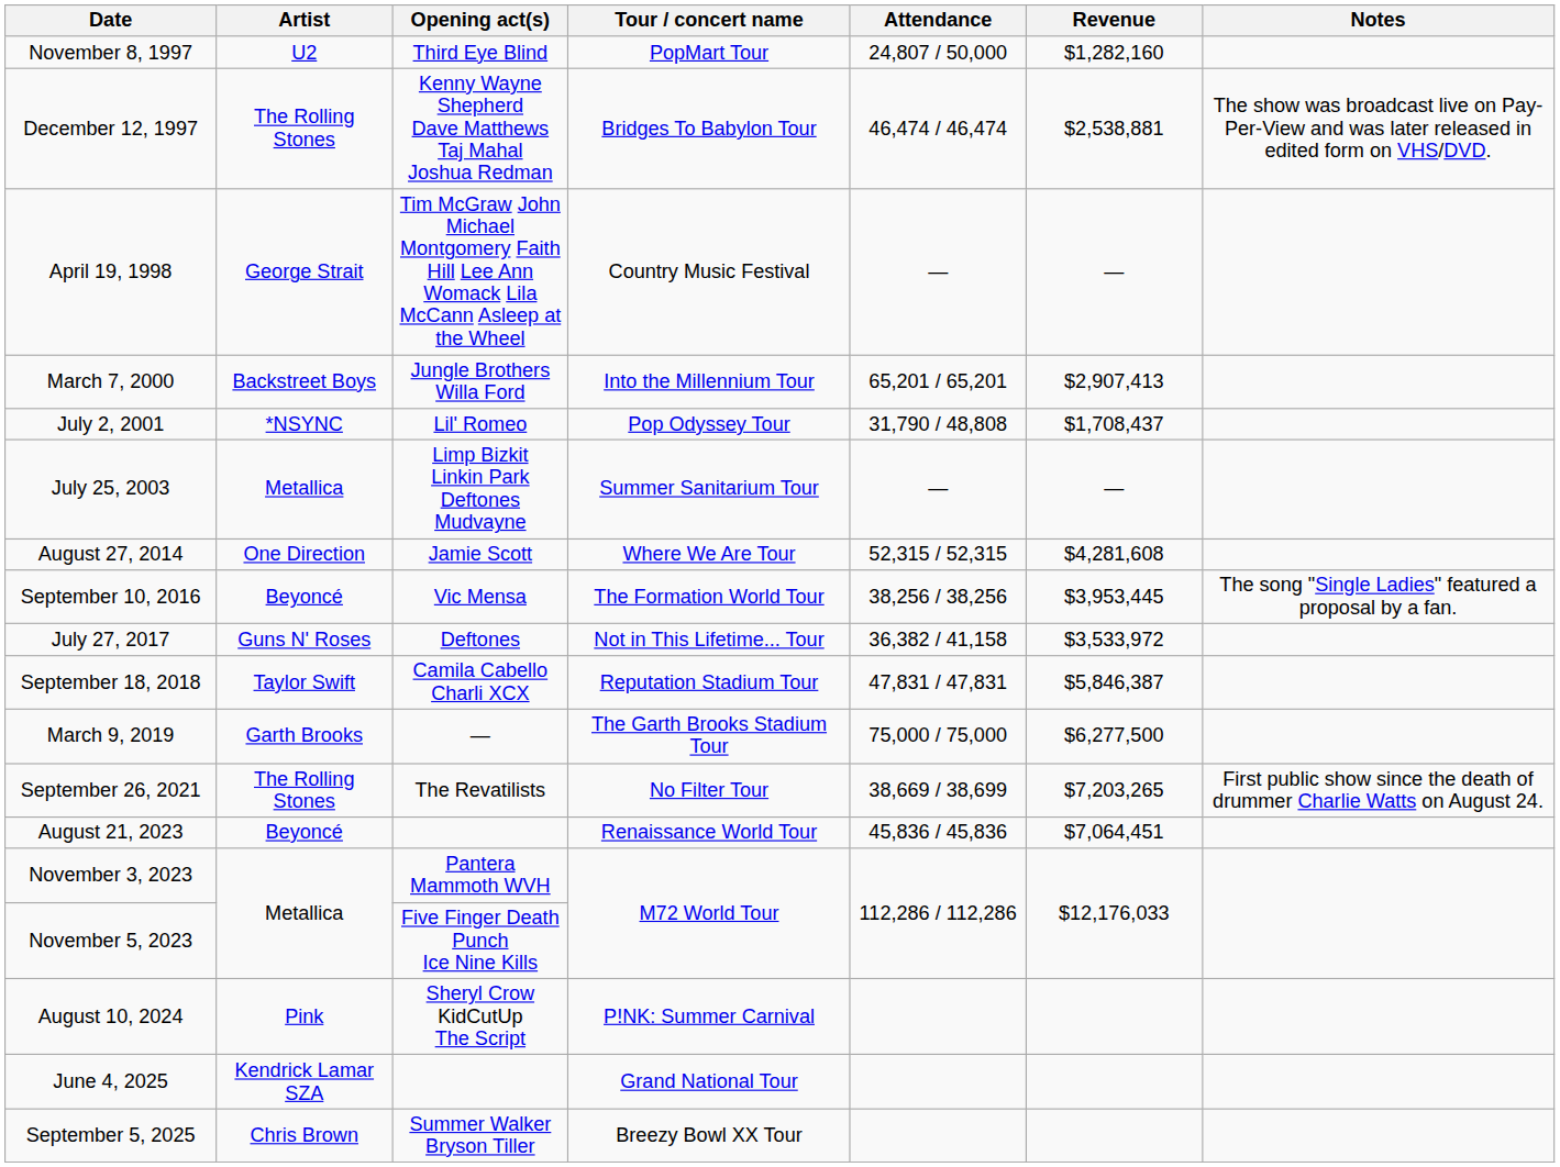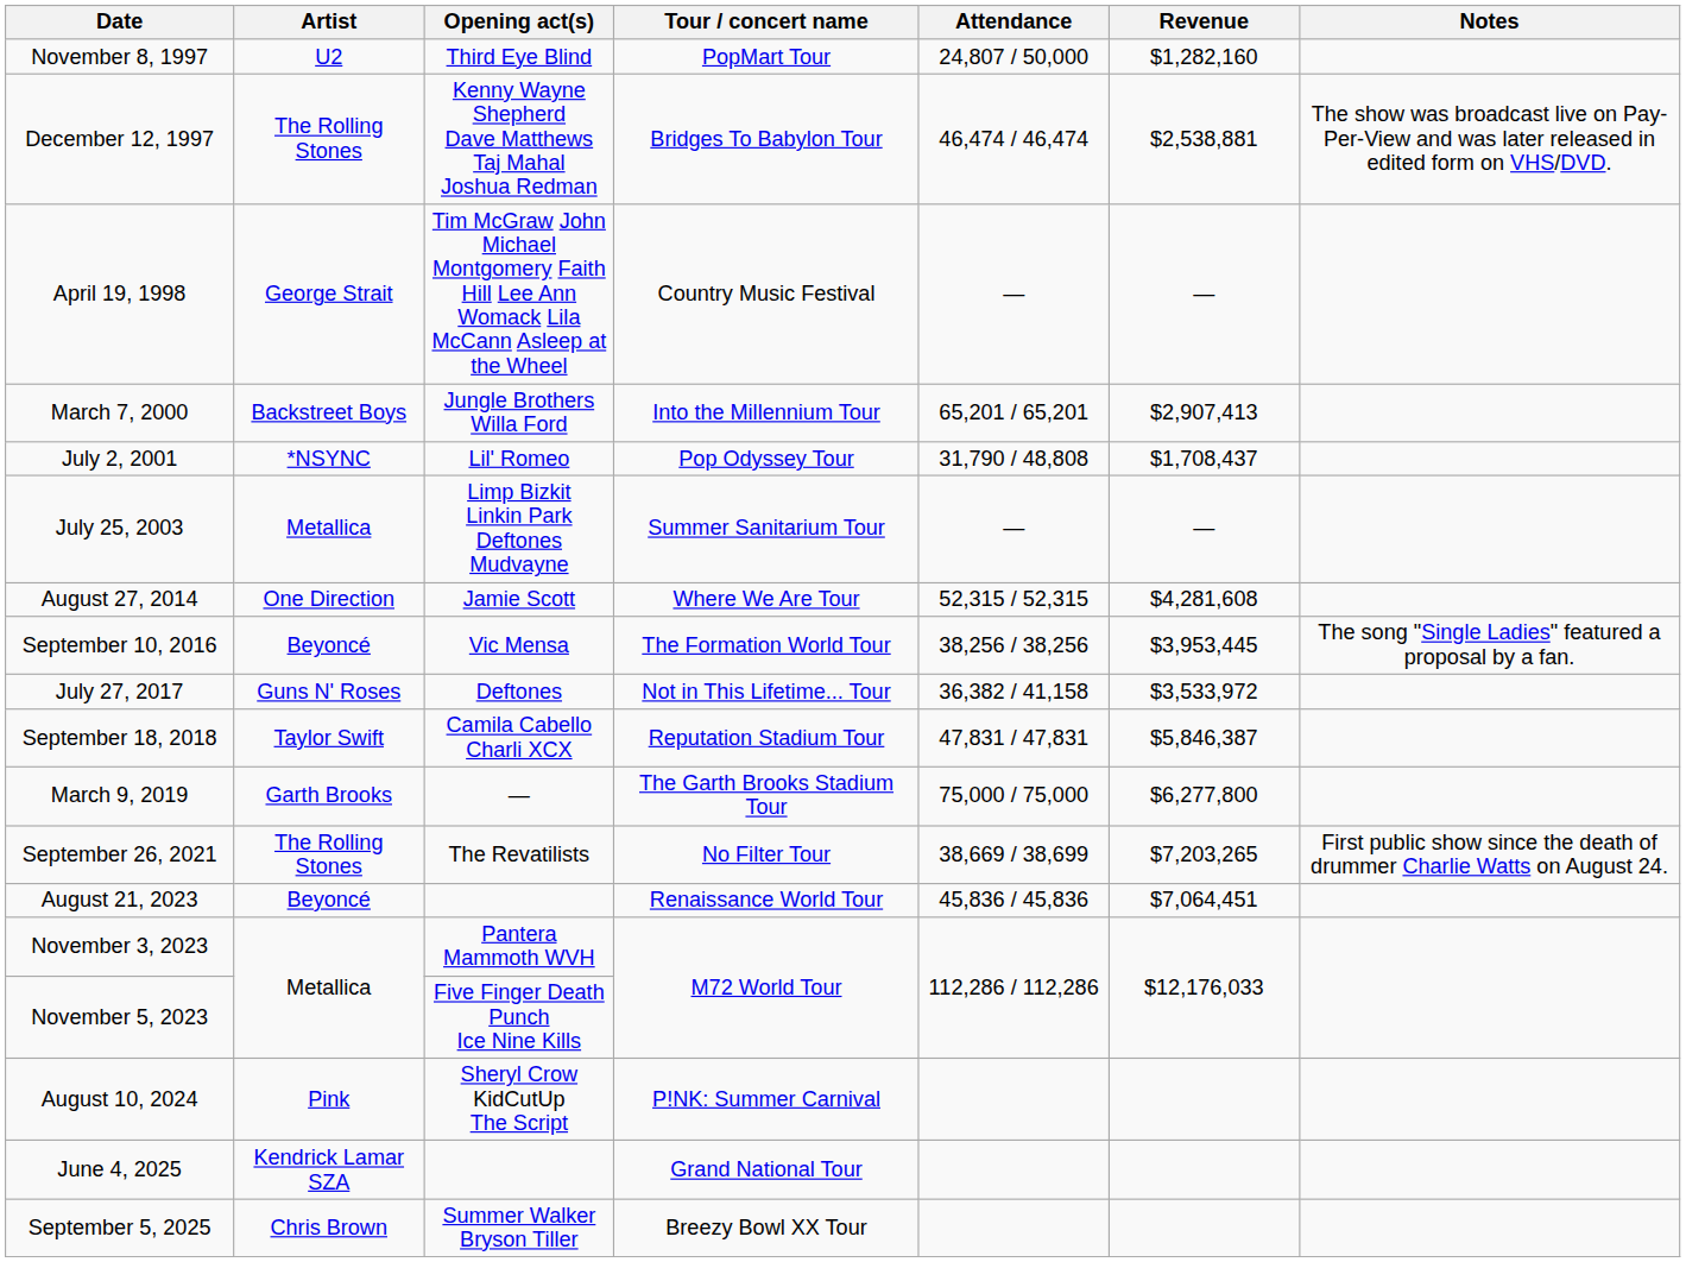 <table class="wikitable" style="text-align:center;">
 <tr>
 <th width=12%>Date</th>
 <th width=10%>Artist</th>
 <th width=10%>Opening act(s)</th>
 <th width=16%>Tour / concert name</th>
 <th width=10%>Attendance</th>
 <th width=10%>Revenue</th>
 <th width=20%>Notes</th>
 </tr>
 <tr>
 <td>November 8, 1997</td>
 <td><a href='#'>U2</a></td>
 <td><a href='#'>Third Eye Blind</a></td>
 <td><a href='#'>PopMart Tour</a></td>
 <td>24,807 / 50,000</td>
 <td>$1,282,160</td>
 <td></td>
 </tr>
 <tr>
 <td>December 12, 1997</td>
 <td><a href='#'>The Rolling Stones</a></td>
 <td><a href='#'>Kenny Wayne Shepherd</a><br><a href='#'>Dave Matthews</a><br><a href='#'>Taj Mahal</a><br><a href='#'>Joshua Redman</a></td>
 <td><a href='#'>Bridges To Babylon Tour</a></td>
 <td>46,474 / 46,474</td>
 <td>$2,538,881</td>
 <td>The show was broadcast live on Pay-Per-View and was later released in edited form on <a href='#'>VHS</a>/<a href='#'>DVD</a>.</td>
 </tr>
 <tr>
 <td>April 19, 1998</td>
 <td><a href='#'>George Strait</a></td>
 <td><a href='#'>Tim McGraw</a> <a href='#'>John Michael Montgomery</a> <a href='#'>Faith Hill</a> <a href='#'>Lee Ann Womack</a> <a href='#'>Lila McCann</a> <a href='#'>Asleep at the Wheel</a></td>
 <td>Country Music Festival</td>
 <td>—</td>
 <td>—</td>
 </tr>
 <tr>
 <td>March 7, 2000</td>
 <td><a href='#'>Backstreet Boys</a></td>
 <td><a href='#'>Jungle Brothers</a><br><a href='#'>Willa Ford</a></td>
 <td><a href='#'>Into the Millennium Tour</a></td>
 <td>65,201 / 65,201</td>
 <td>$2,907,413</td>
 <td></td>
 </tr>
 <tr>
 <td>July 2, 2001</td>
 <td><a href='#'>*NSYNC</a></td>
 <td><a href='#'>Lil' Romeo</a></td>
 <td><a href='#'>Pop Odyssey Tour</a></td>
 <td>31,790 / 48,808</td>
 <td>$1,708,437</td>
 <td></td>
 </tr>
 <tr>
 <td>July 25, 2003</td>
 <td><a href='#'>Metallica</a></td>
 <td><a href='#'>Limp Bizkit</a><br><a href='#'>Linkin Park</a><br><a href='#'>Deftones</a><br><a href='#'>Mudvayne</a></td>
 <td><a href='#'>Summer Sanitarium Tour</a></td>
 <td>—</td>
 <td>—</td>
 <td></td>
 </tr>
 <tr>
 <td>August 27, 2014</td>
 <td><a href='#'>One Direction</a></td>
 <td><a href='#'>Jamie Scott</a></td>
 <td><a href='#'>Where We Are Tour</a></td>
 <td>52,315 / 52,315</td>
 <td>$4,281,608</td>
 <td></td>
 </tr>
 <tr>
 <td>September 10, 2016</td>
 <td><a href='#'>Beyoncé</a></td>
 <td><a href='#'>Vic Mensa</a></td>
 <td><a href='#'>The Formation World Tour</a></td>
 <td>38,256 / 38,256</td>
 <td>$3,953,445</td>
 <td>The song "<a href='#'>Single Ladies</a>"  featured a proposal by a fan.</td>
 </tr>
 <tr>
 <td>July 27, 2017</td>
 <td><a href='#'>Guns N' Roses</a></td>
 <td><a href='#'>Deftones</a></td>
 <td><a href='#'>Not in This Lifetime... Tour</a></td>
 <td>36,382 / 41,158</td>
 <td>$3,533,972</td>
 <td></td>
 </tr>
 <tr>
 <td>September 18, 2018</td>
 <td><a href='#'>Taylor Swift</a></td>
 <td><a href='#'>Camila Cabello</a><br><a href='#'>Charli XCX</a></td>
 <td><a href='#'>Reputation Stadium Tour</a></td>
 <td>47,831 / 47,831</td>
 <td>$5,846,387</td>
 <td></td>
 </tr>
 <tr>
 <td>March 9, 2019</td>
 <td><a href='#'>Garth Brooks</a></td>
 <td>—</td>
 <td><a href='#'>The Garth Brooks Stadium Tour</a></td>
 <td>75,000 / 75,000</td>
-<td>$6,277,500</td>
+<td>$6,277,800</td>
 <td></td>
 </tr>
 <tr>
 <td>September 26, 2021</td>
 <td><a href='#'>The Rolling Stones</a></td>
 <td>The Revatilists</td>
 <td><a href='#'>No Filter Tour</a></td>
 <td>38,669 / 38,699</td>
 <td>$7,203,265</td>
 <td>First public show since the death of drummer <a href='#'>Charlie Watts</a> on August 24.</td>
 </tr>
 <tr>
 <td>August 21, 2023</td>
 <td><a href='#'>Beyoncé</a></td>
 <td></td>
 <td><a href='#'>Renaissance World Tour</a></td>
 <td>45,836 / 45,836</td>
 <td>$7,064,451</td>
 <td></td>
 </tr>
 <tr>
 <td>November 3, 2023</td>
 <td rowspan="2">Metallica</td>
 <td><a href='#'>Pantera</a><br><a href='#'>Mammoth WVH</a></td>
 <td rowspan="2"><a href='#'>M72 World Tour</a></td>
 <td rowspan="2">112,286 / 112,286</td>
 <td rowspan="2">$12,176,033</td>
 <td rowspan="2"></td>
 </tr>
 <tr>
 <td>November 5, 2023</td>
 <td><a href='#'>Five Finger Death Punch</a><br><a href='#'>Ice Nine Kills</a></td>
 </tr>
 <tr>
 <td>August 10, 2024</td>
 <td><a href='#'>Pink</a></td>
 <td><a href='#'>Sheryl Crow</a><br>KidCutUp<br><a href='#'>The Script</a></td>
 <td><a href='#'>P!NK: Summer Carnival</a></td>
 <td></td>
 <td></td>
 <td></td>
 </tr>
 <tr>
 <td>June 4, 2025</td>
 <td><a href='#'>Kendrick Lamar</a><br><a href='#'>SZA</a></td>
 <td></td>
 <td><a href='#'>Grand National Tour</a></td>
 <td></td>
 <td></td>
 <td></td>
 </tr>
 <tr>
 <td>September 5, 2025</td>
 <td><a href='#'>Chris Brown</a></td>
 <td><a href='#'>Summer Walker</a><br><a href='#'>Bryson Tiller</a></td>
 <td>Breezy Bowl XX Tour</td>
 <td></td>
 <td></td>
 <td></td>
 </tr>
 <tr>
 </tr>
 </table>
